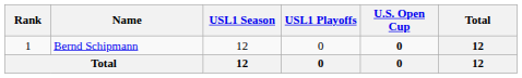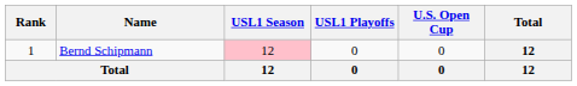 <table class="wikitable" style="text-align:center;">
 <tr>
 <th style="width:56px;">Rank</th>
 <th style="width:200px;">Name</th>
 <th style="width:100px;"><a href='#'>USL1 Season</a></th>
 <th style="width:100px;"><a href='#'>USL1 Playoffs</a></th>
 <th style="width:100px;"><a href='#'>U.S. Open Cup</a></th>
 <th style="width:100px;">Total</th>
 </tr>
 <tr>
 <td>1</td>
 <td align="left"> <a href='#'>Bernd Schipmann</a></td>
-<td>12</td>
+<td style="background: pink;">12</td>
 <td>0</td>
-<td><strong>0</strong></td>
+<td>0</td>
 <th>12</th>
 </tr>
 <tr>
 <th colspan="2">Total</th>
 <th>12</th>
 <th>0</th>
 <th>0</th>
 <th>12</th>
 </tr>
 </table>
